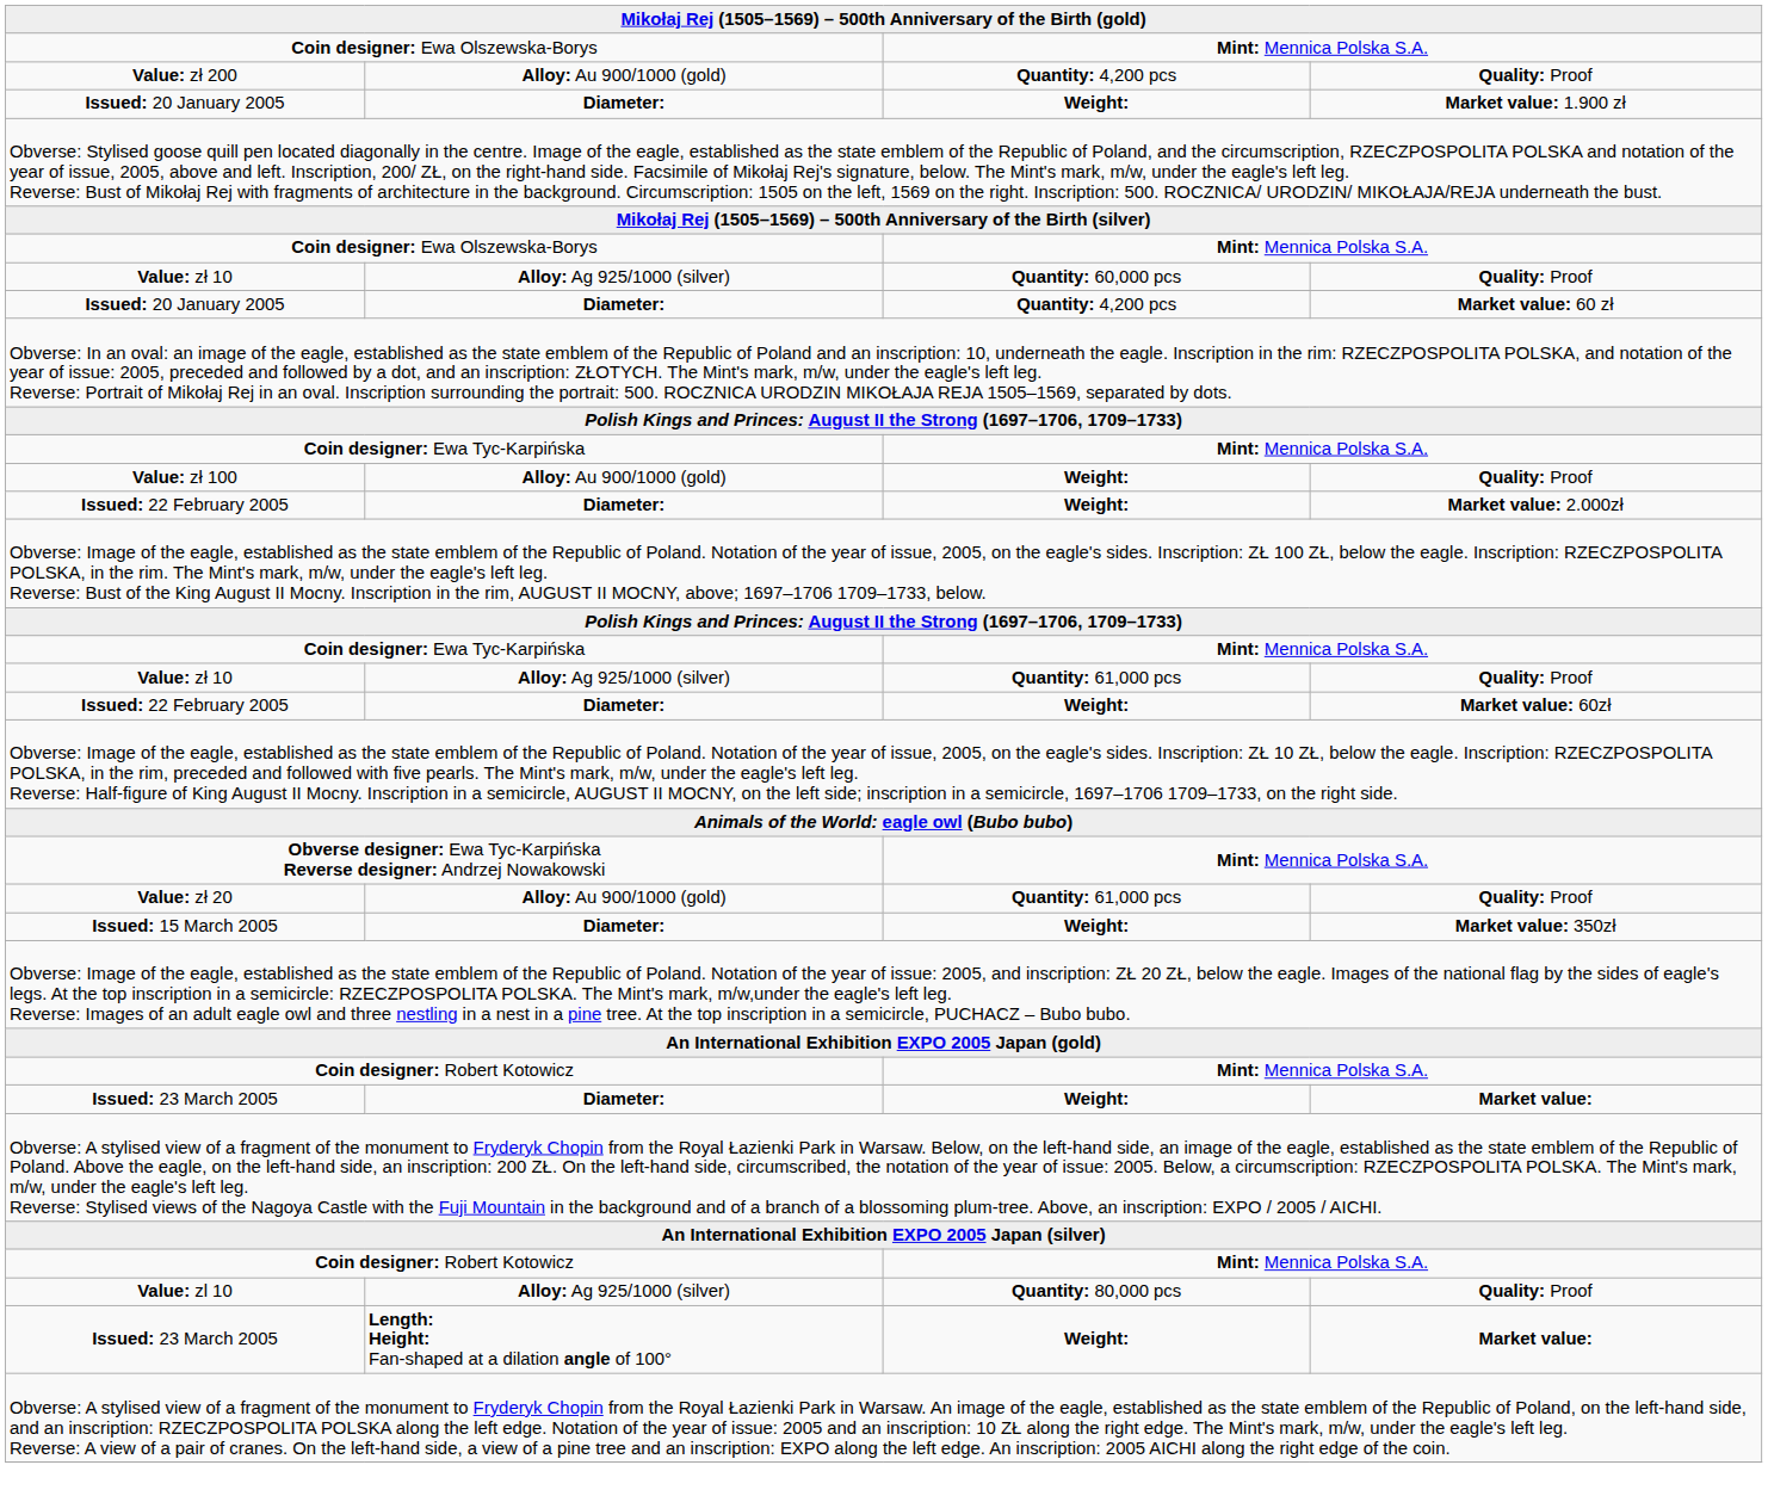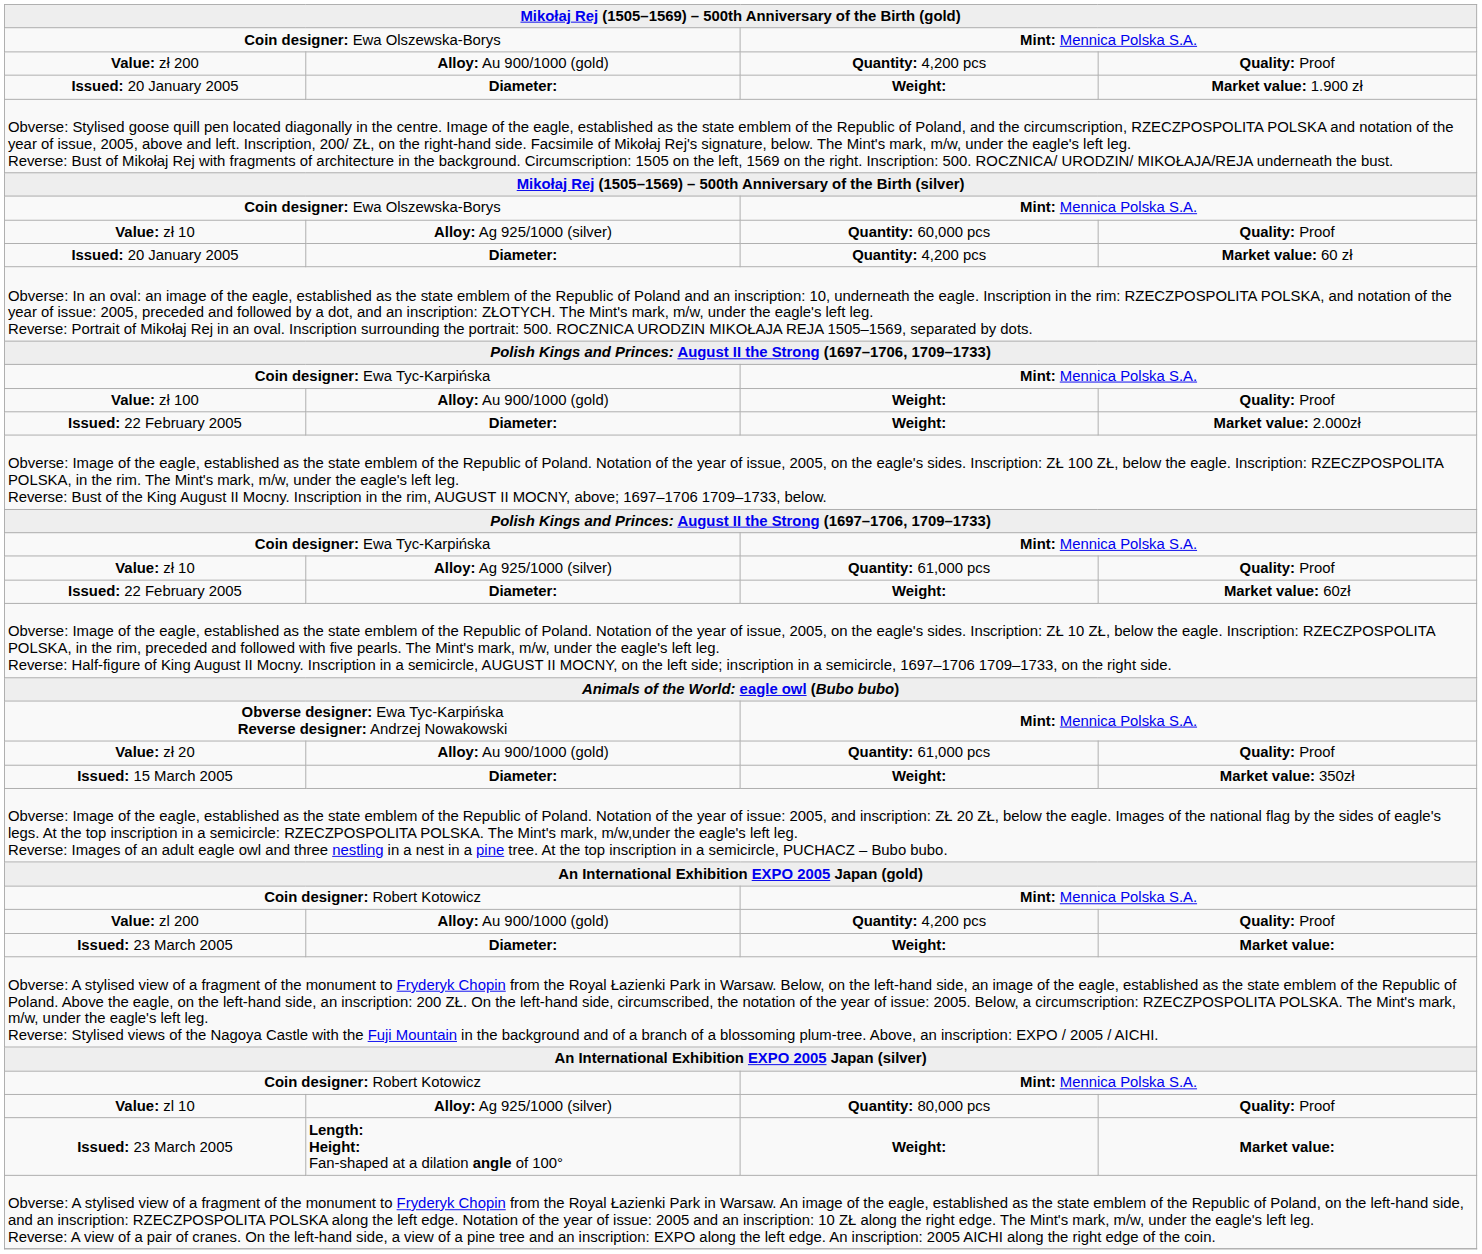 <table class="wikitable" width="100%">
 <tr>
 <th colspan="4" align=center style="background:#eeeeee;"><a href='#'>Mikołaj Rej</a> (1505–1569) – 500th Anniversary of the Birth (gold)</th>
 </tr>
 <tr>
 <td colspan="2" width="50%" align=center><strong>Coin designer:</strong> Ewа Olszewska-Borys</td>
 <td colspan="2" width="50%" align=center><strong>Mint:</strong> <a href='#'>Mennica Polska S.A.</a></td>
 </tr>
 <tr>
 <td align=center><strong>Value:</strong> zł 200</td>
 <td align=center><strong>Alloy:</strong> Au 900/1000 (gold)</td>
 <td align=center><strong>Quantity:</strong> 4,200 pcs</td>
 <td align=center><strong>Quality:</strong> Proof</td>
 </tr>
 <tr>
 <td align=center><strong>Issued:</strong> 20 January 2005</td>
 <td align=center><strong>Diameter:</strong> </td>
 <td align=center><strong>Weight:</strong> </td>
 <td align=center><strong>Market value:</strong> 1.900 zł</td>
 </tr>
 <tr>
 <td colspan="4" align=left><br>Obverse: Stylised goose quill pen located diagonally in the centre. Image of the eagle, established as the state emblem of the Republic of Poland, and the circumscription, RZECZPOSPOLITA POLSKA and notation of the year of issue, 2005, above and left. Inscription, 200/ ZŁ, on the right-hand side. Facsimile of Mikołaj Rej's signature, below. The Mint's mark, m/w, under the eagle's left leg.<br>Reverse: Bust of Mikołaj Rej with fragments of architecture in the background. Circumscription: 1505 on the left, 1569 on the right. Inscription: 500. ROCZNICA/ URODZIN/ MIKOŁAJA/REJA underneath the bust.</td>
 </tr>
 <tr>
 <th colspan="4" align=center style="background:#eeeeee;"><a href='#'>Mikołaj Rej</a> (1505–1569) – 500th Anniversary of the Birth (silver)</th>
 </tr>
 <tr>
 <td colspan="2" width="50%" align=center><strong>Coin designer:</strong> Ewa Olszewska-Borys</td>
 <td colspan="2" width="50%" align=center><strong>Mint:</strong> <a href='#'>Mennica Polska S.A.</a></td>
 </tr>
 <tr>
 <td align=center><strong>Value:</strong> zł 10</td>
 <td align=center><strong>Alloy:</strong> Ag 925/1000 (silver)</td>
 <td align=center><strong>Quantity:</strong> 60,000 pcs</td>
 <td align=center><strong>Quality:</strong> Proof</td>
 </tr>
 <tr>
 <td align=center><strong>Issued:</strong> 20 January 2005</td>
 <td align=center><strong>Diameter:</strong> </td>
 <td align=center><strong>Quantity:</strong> 4,200 pcs</td>
 <td align=center><strong>Market value:</strong> 60 zł</td>
 </tr>
 <tr>
 <td colspan="4" align=left><br>Obverse: In an oval: an image of the eagle, established as the state emblem of the Republic of Poland and an inscription: 10, underneath the eagle. Inscription in the rim: RZECZPOSPOLITA POLSKA, and notation of the year of issue: 2005, preceded and followed by a dot, and an inscription: ZŁOTYCH. The Mint's mark, m/w, under the eagle's left leg.<br>Reverse: Portrait of Mikołaj Rej in an oval. Inscription surrounding the portrait: 500. ROCZNICA URODZIN MIKOŁAJA REJA 1505–1569, separated by dots.</td>
 </tr>
 <tr>
 <th colspan="4" align=center style="background:#eeeeee;"><em>Polish Kings and Princes:</em> <a href='#'>August II the Strong</a> (1697–1706, 1709–1733)</th>
 </tr>
 <tr>
 <td colspan="2" width="50%" align=center><strong>Coin designer:</strong> Ewa Tyc-Karpińska</td>
 <td colspan="2" width="50%" align=center><strong>Mint:</strong> <a href='#'>Mennica Polska S.A.</a></td>
 </tr>
 <tr>
 <td align=center><strong>Value:</strong> zł 100</td>
 <td align=center><strong>Alloy:</strong> Au 900/1000 (gold)</td>
 <td align=center><strong>Weight:</strong> </td>
 <td align=center><strong>Quality:</strong> Proof</td>
 </tr>
 <tr>
 <td align=center><strong>Issued:</strong> 22 February 2005</td>
 <td align=center><strong>Diameter:</strong> </td>
 <td align=center><strong>Weight:</strong> </td>
 <td align=center><strong>Market value:</strong> 2.000zł</td>
 </tr>
 <tr>
 <td colspan="4" align=left><br>Obverse: Image of the eagle, established as the state emblem of the Republic of Poland. Notation of the year of issue, 2005, on the eagle's sides. Inscription: ZŁ 100 ZŁ, below the eagle. Inscription: RZECZPOSPOLITA POLSKA, in the rim. The Mint's mark, m/w, under the eagle's left leg.<br>Reverse: Bust of the King August II Mocny. Inscription in the rim, AUGUST II MOCNY, above; 1697–1706 1709–1733, below.</td>
 </tr>
 <tr>
 <th colspan="4" align=center style="background:#eeeeee;"><em>Polish Kings and Princes:</em> <a href='#'>August II the Strong</a> (1697–1706, 1709–1733)</th>
 </tr>
 <tr>
 <td colspan="2" width="50%" align=center><strong>Coin designer:</strong> Ewa Tyc-Karpińska</td>
 <td colspan="2" width="50%" align=center><strong>Mint:</strong> <a href='#'>Mennica Polska S.A.</a></td>
 </tr>
 <tr>
 <td align=center><strong>Value:</strong> zł 10</td>
 <td align=center><strong>Alloy:</strong> Ag 925/1000 (silver)</td>
 <td align=center><strong>Quantity:</strong> 61,000 pcs</td>
 <td align=center><strong>Quality:</strong> Proof</td>
 </tr>
 <tr>
 <td align=center><strong>Issued:</strong> 22 February 2005</td>
 <td align=center><strong>Diameter:</strong> </td>
 <td align=center><strong>Weight:</strong> </td>
 <td align=center><strong>Market value:</strong> 60zł</td>
 </tr>
 <tr>
 <td colspan="4" align=left><br>Obverse: Image of the eagle, established as the state emblem of the Republic of Poland. Notation of the year of issue, 2005, on the eagle's sides. Inscription: ZŁ 10 ZŁ, below the eagle. Inscription: RZECZPOSPOLITA POLSKA, in the rim, preceded and followed with five pearls. The Mint's mark, m/w, under the eagle's left leg.<br>Reverse: Half-figure of King August II Mocny. Inscription in a semicircle, AUGUST II MOCNY, on the left side; inscription in a semicircle, 1697–1706 1709–1733, on the right side.</td>
 </tr>
 <tr>
 <th colspan="4" align=center style="background:#eeeeee;"><em>Animals of the World:</em> <a href='#'>eagle owl</a> (<em>Bubo bubo</em>)</th>
 </tr>
 <tr>
 <td colspan="2" width="50%" align=center><strong>Obverse designer:</strong> Ewa Tyc-Karpińska <br> <strong>Reverse designer:</strong> Andrzej Nowakowski</td>
 <td colspan="2" width="50%" align=center><strong>Mint:</strong> <a href='#'>Mennica Polska S.A.</a></td>
 </tr>
 <tr>
 <td align=center><strong>Value:</strong> zł 20</td>
 <td align=center><strong>Alloy:</strong> Au 900/1000 (gold)</td>
 <td align=center><strong>Quantity:</strong> 61,000 pcs</td>
 <td align=center><strong>Quality:</strong> Proof</td>
 </tr>
 <tr>
 <td align=center><strong>Issued:</strong> 15 March 2005</td>
 <td align=center><strong>Diameter:</strong> </td>
 <td align=center><strong>Weight:</strong> </td>
 <td align=center><strong>Market value:</strong> 350zł</td>
 </tr>
 <tr>
 <td colspan="4" align=left><br>Obverse: Image of the eagle, established as the state emblem of the Republic of Poland. Notation of the year of issue: 2005, and inscription: ZŁ 20 ZŁ, below the eagle. Images of the national flag by the sides of eagle's legs. At the top inscription in a semicircle: RZECZPOSPOLITA POLSKA. The Mint's mark, m/w,under the eagle's left leg.<br>Reverse: Images of an adult eagle owl and three <a href='#'>nestling</a> in a nest in a <a href='#'>pine</a> tree. At the top inscription in a semicircle, PUCHACZ – Bubo bubo.</td>
 </tr>
 <tr>
 <th colspan="4" align=center style="background:#eeeeee;">An International Exhibition <a href='#'>EXPO 2005</a> Japan (gold)</th>
 </tr>
 <tr>
 <td colspan="2" width="50%" align=center><strong>Coin designer:</strong> Robert Kotowicz</td>
 <td colspan="2" width="50%" align=center><strong>Mint:</strong> <a href='#'>Mennica Polska S.A.</a></td>
 </tr>
 <tr>
+<td align=center><strong>Value:</strong> zl 200</td>
+<td align=center><strong>Alloy:</strong> Au 900/1000 (gold)</td>
+<td align=center><strong>Quantity:</strong> 4,200 pcs</td>
+<td align=center><strong>Quality:</strong> Proof</td>
+</tr>
+<tr>
 <td align=center><strong>Issued:</strong> 23 March 2005</td>
 <td align=center><strong>Diameter:</strong> </td>
 <td align=center><strong>Weight:</strong> </td>
 <td align=center><strong>Market value:</strong></td>
 </tr>
 <tr>
 <td colspan="4" align=left><br>Obverse: A stylised view of a fragment of the monument to <a href='#'>Fryderyk Chopin</a> from the Royal Łazienki Park in Warsaw. Below, on the left-hand side, an image of the eagle, established as the state emblem of the Republic of Poland. Above the eagle, on the left-hand side, an inscription: 200 ZŁ. On the left-hand side, circumscribed, the notation of the year of issue: 2005. Below, a circumscription: RZECZPOSPOLITA POLSKA. The Mint's mark, m/w, under the eagle's left leg.<br>Reverse: Stylised views of the Nagoya Castle with the <a href='#'>Fuji Mountain</a> in the background and of a branch of a blossoming plum-tree. Above, an inscription: EXPO / 2005 / AICHI.</td>
 </tr>
 <tr>
 <th colspan="4" align=center style="background:#eeeeee;">An International Exhibition <a href='#'>EXPO 2005</a> Japan (silver)</th>
 </tr>
 <tr>
 <td colspan="2" width="50%" align=center><strong>Coin designer:</strong> Robert Kotowicz</td>
 <td colspan="2" width="50%" align=center><strong>Mint:</strong> <a href='#'>Mennica Polska S.A.</a></td>
 </tr>
 <tr>
 <td align=center><strong>Value:</strong> zl 10</td>
 <td align=center><strong>Alloy:</strong> Ag 925/1000 (silver)</td>
 <td align=center><strong>Quantity:</strong> 80,000 pcs</td>
 <td align=center><strong>Quality:</strong> Proof</td>
 </tr>
 <tr>
 <td align=center><strong>Issued:</strong> 23 March 2005</td>
 <td align=left><strong>Length:</strong>  <br> <strong>Height:</strong>  <br> Fan-shaped at a dilation <strong>angle</strong> of 100°</td>
 <td align=center><strong>Weight:</strong> </td>
 <td align=center><strong>Market value:</strong></td>
 </tr>
 <tr>
 <td colspan="4" align=left><br>Obverse: A stylised view of a fragment of the monument to <a href='#'>Fryderyk Chopin</a> from the Royal Łazienki Park in Warsaw. An image of the eagle, established as the state emblem of the Republic of Poland, on the left-hand side, and an inscription: RZECZPOSPOLITA POLSKA along the left edge. Notation of the year of issue: 2005 and an inscription: 10 ZŁ along the right edge. The Mint's mark, m/w, under the eagle's left leg.<br>Reverse: A view of a pair of cranes. On the left-hand side, a view of a pine tree and an inscription: EXPO along the left edge. An inscription: 2005 AICHI along the right edge of the coin.</td>
 </tr>
 <tr>
 </tr>
 </table>
